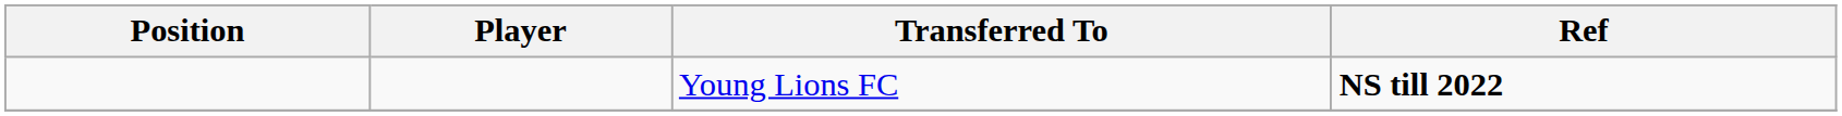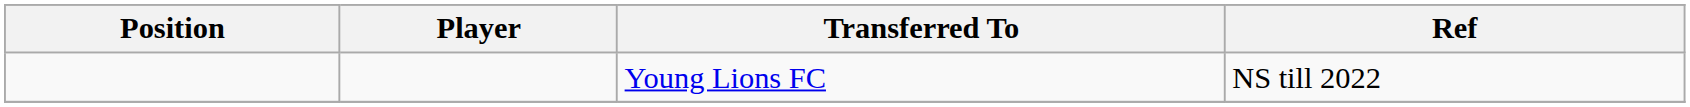 <table class="wikitable sortable" style="width:70%; text-align:center; font-size:100%; text-align:left;">
 <tr>
 <th><strong>Position</strong></th>
 <th><strong>Player</strong></th>
 <th><strong>Transferred To</strong></th>
 <th><strong>Ref</strong></th>
 </tr>
 <tr>
 <td></td>
 <td></td>
 <td> <a href='#'>Young Lions FC</a></td>
-<td><strong>NS till 2022 </strong></td>
+<td>NS till 2022 </td>
 </tr>
 <tr>
 </tr>
 </table>
